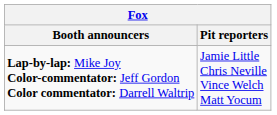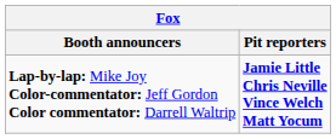 <table class="wikitable" style="font-size: 95%;">
 <tr>
 <th colspan="3"><a href='#'>Fox</a></th>
 </tr>
 <tr>
 <th>Booth announcers</th>
 <th>Pit reporters</th>
 </tr>
 <tr>
 <td><strong>Lap-by-lap:</strong> <a href='#'>Mike Joy</a><br><strong>Color-commentator:</strong> <a href='#'>Jeff Gordon</a><br><strong>Color commentator:</strong> <a href='#'>Darrell Waltrip</a></td>
-<td><a href='#'>Jamie Little</a><br><a href='#'>Chris Neville</a><br><a href='#'>Vince Welch</a><br><a href='#'>Matt Yocum</a></td>
+<td><strong><a href='#'>Jamie Little</a><br><a href='#'>Chris Neville</a><br><a href='#'>Vince Welch</a><br><a href='#'>Matt Yocum</a></strong></td>
 </tr>
 </table>
